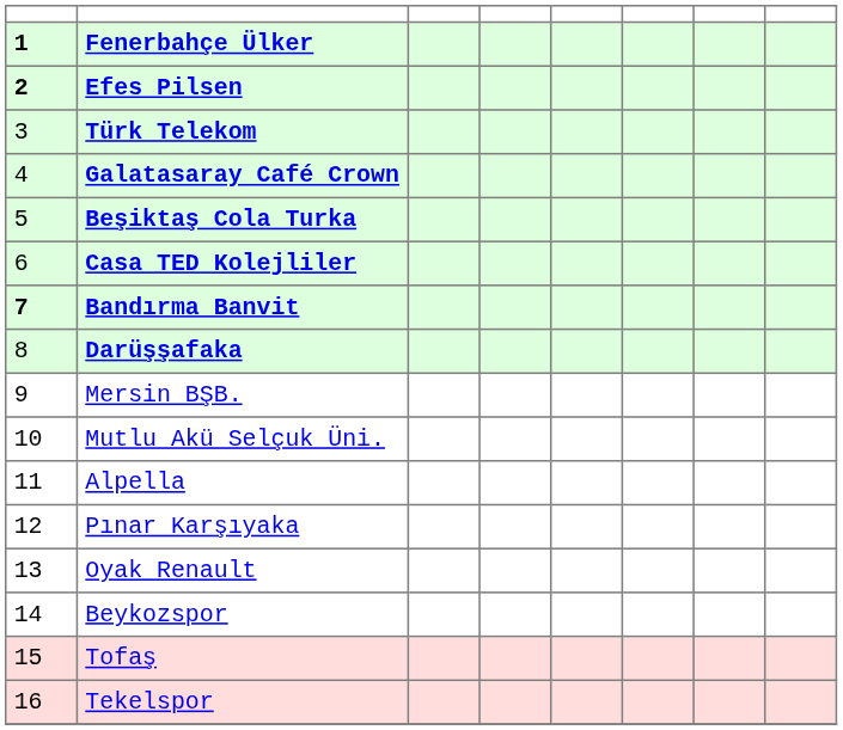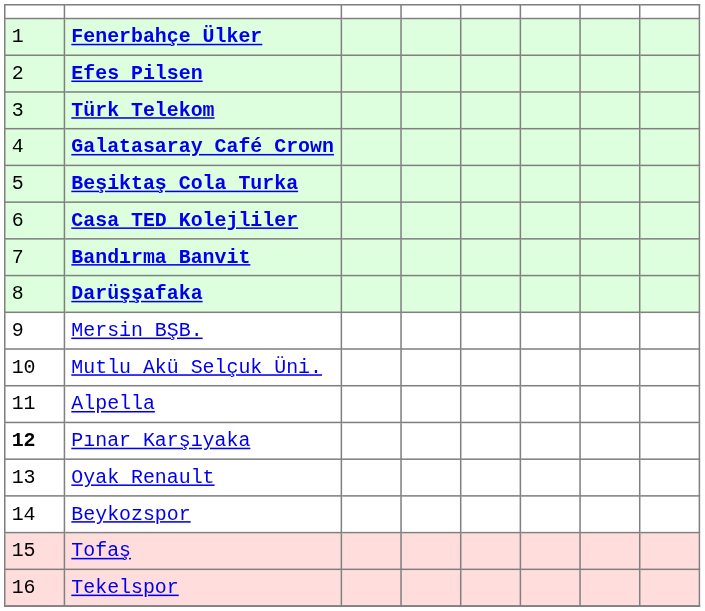 <table class="toccolours" border="1" cellpadding="4" cellspacing="0" style="border-collapse: collapse; margin:0;">
 <tr bgcolor=>
 <th width=30></th>
 <th></th>
 <th width=30></th>
 <th width=30></th>
 <th width=30></th>
 <th width=30></th>
 <th width=30></th>
 <th width=30></th>
 </tr>
 <tr bgcolor=#dfd>
-<td><strong>1</strong></td>
+<td>1</td>
 <td><strong><a href='#'>Fenerbahçe Ülker</a></strong></td>
 <td></td>
 <td></td>
 <td></td>
 <td></td>
 <td></td>
 <td></td>
 </tr>
 <tr bgcolor=#dfd>
-<td><strong>2</strong></td>
+<td>2</td>
 <td><strong><a href='#'>Efes Pilsen</a></strong></td>
 <td></td>
 <td></td>
 <td></td>
 <td></td>
 <td></td>
 <td></td>
 </tr>
 <tr bgcolor=#dfd>
 <td>3</td>
 <td><strong><a href='#'>Türk Telekom</a></strong></td>
 <td></td>
 <td></td>
 <td></td>
 <td></td>
 <td></td>
 <td></td>
 </tr>
 <tr bgcolor=#dfd>
 <td>4</td>
 <td><strong><a href='#'>Galatasaray Café Crown</a></strong></td>
 <td></td>
 <td></td>
 <td></td>
 <td></td>
 <td></td>
 <td></td>
 </tr>
 <tr bgcolor=#dfd>
 <td>5</td>
 <td><strong><a href='#'>Beşiktaş Cola Turka</a></strong></td>
 <td></td>
 <td></td>
 <td></td>
 <td></td>
 <td></td>
 <td></td>
 </tr>
 <tr bgcolor=#dfd>
 <td>6</td>
 <td><strong><a href='#'>Casa TED Kolejliler</a></strong></td>
 <td></td>
 <td></td>
 <td></td>
 <td></td>
 <td></td>
 <td></td>
 </tr>
 <tr bgcolor=#dfd>
-<td><strong>7</strong></td>
+<td>7</td>
 <td><strong><a href='#'>Bandırma Banvit</a></strong></td>
 <td></td>
 <td></td>
 <td></td>
 <td></td>
 <td></td>
 <td></td>
 </tr>
 <tr bgcolor=#dfd>
 <td>8</td>
 <td><strong><a href='#'>Darüşşafaka</a></strong></td>
 <td></td>
 <td></td>
 <td></td>
 <td></td>
 <td></td>
 <td></td>
 </tr>
 <tr bgcolor=>
 <td>9</td>
 <td><a href='#'>Mersin BŞB.</a></td>
 <td></td>
 <td></td>
 <td></td>
 <td></td>
 <td></td>
 <td></td>
 </tr>
 <tr bgcolor=>
 <td>10</td>
 <td><a href='#'>Mutlu Akü Selçuk Üni.</a></td>
 <td></td>
 <td></td>
 <td></td>
 <td></td>
 <td></td>
 <td></td>
 </tr>
 <tr bgcolor=>
 <td>11</td>
 <td><a href='#'>Alpella</a></td>
 <td></td>
 <td></td>
 <td></td>
 <td></td>
 <td></td>
 <td></td>
 </tr>
 <tr bgcolor=>
-<td>12</td>
+<td><strong>12</strong></td>
 <td><a href='#'>Pınar Karşıyaka</a></td>
 <td></td>
 <td></td>
 <td></td>
 <td></td>
 <td></td>
 <td></td>
 </tr>
 <tr bgcolor=>
 <td>13</td>
 <td><a href='#'>Oyak Renault</a></td>
 <td></td>
 <td></td>
 <td></td>
 <td></td>
 <td></td>
 <td></td>
 </tr>
 <tr bgcolor=>
 <td>14</td>
 <td><a href='#'>Beykozspor</a></td>
 <td></td>
 <td></td>
 <td></td>
 <td></td>
 <td></td>
 <td></td>
 </tr>
 <tr bgcolor=#fdd>
 <td>15</td>
 <td><a href='#'>Tofaş</a></td>
 <td></td>
 <td></td>
 <td></td>
 <td></td>
 <td></td>
 <td></td>
 </tr>
 <tr bgcolor=#fdd>
 <td>16</td>
 <td><a href='#'>Tekelspor</a></td>
 <td></td>
 <td></td>
 <td></td>
 <td></td>
 <td></td>
 <td></td>
 </tr>
 <tr>
 </tr>
 </table>
